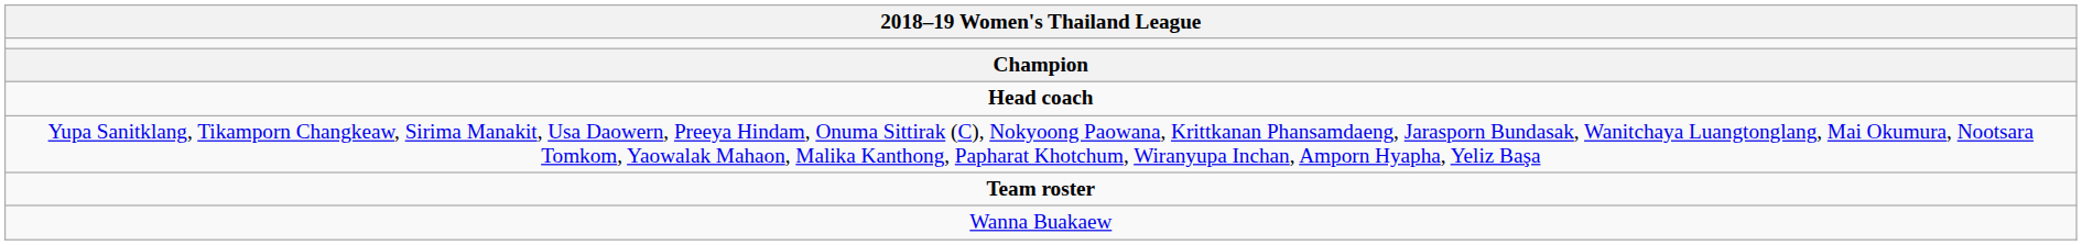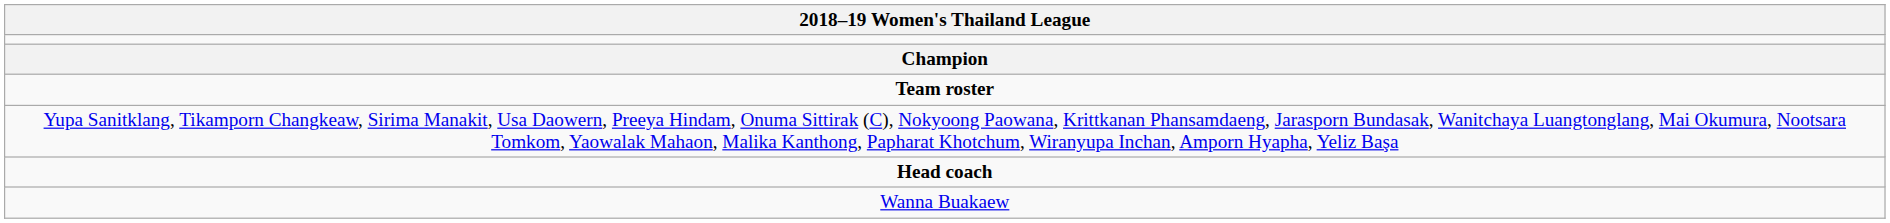 <table class="wikitable" style="text-align: center;">
 <tr>
 <th>2018–19 Women's Thailand League</th>
 </tr>
 <tr>
 <td></td>
 </tr>
 <tr>
 <th>Champion</th>
 </tr>
 <tr>
-<td><strong>Head coach</strong></td>
+<td><strong>Team roster</strong></td>
 </tr>
 <tr>
 <td><a href='#'>Yupa Sanitklang</a>, <a href='#'>Tikamporn Changkeaw</a>,  <a href='#'>Sirima Manakit</a>, <a href='#'>Usa Daowern</a>, <a href='#'>Preeya Hindam</a>, <a href='#'>Onuma Sittirak</a> (<a href='#'>C</a>), <a href='#'>Nokyoong Paowana</a>, <a href='#'>Krittkanan Phansamdaeng</a>, <a href='#'>Jarasporn Bundasak</a>, <a href='#'>Wanitchaya Luangtonglang</a>, <a href='#'>Mai Okumura</a>, <a href='#'>Nootsara Tomkom</a>, <a href='#'>Yaowalak Mahaon</a>, <a href='#'>Malika Kanthong</a>, <a href='#'>Papharat Khotchum</a>, <a href='#'>Wiranyupa Inchan</a>, <a href='#'>Amporn Hyapha</a>, <a href='#'>Yeliz Başa</a></td>
 </tr>
 <tr>
-<td><strong>Team roster</strong></td>
+<td><strong>Head coach</strong></td>
 </tr>
 <tr>
 <td><a href='#'>Wanna Buakaew</a></td>
 </tr>
 </table>
